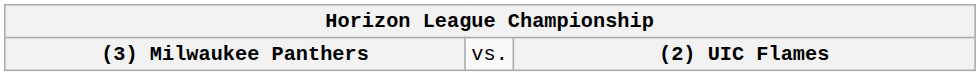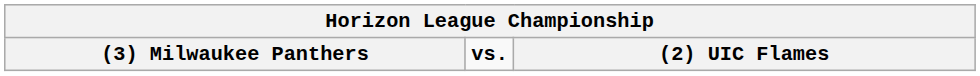 <table class="wikitable">
 <tr>
 <th style="width: 604px;" colspan=3>Horizon League Championship</th>
 </tr>
 <tr>
 <th style="width: 289px; ">(3) Milwaukee Panthers</th>
-<td style="width: 25px; text-align:center">vs.</td>
+<td style="width: 25px; text-align:center"><strong>vs.</strong></td>
 <th style="width: 289px; ">(2) UIC Flames</th>
 </tr>
 </table>
